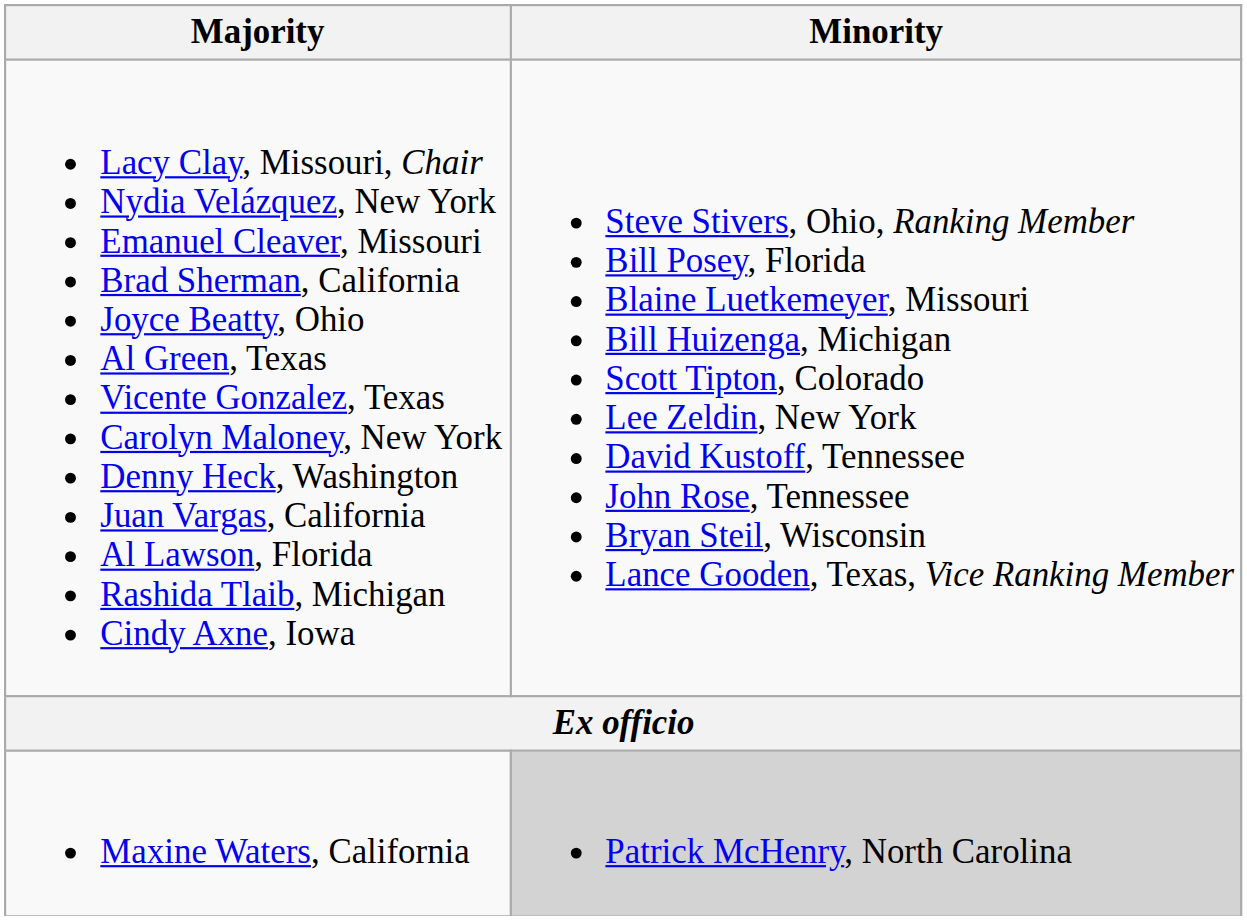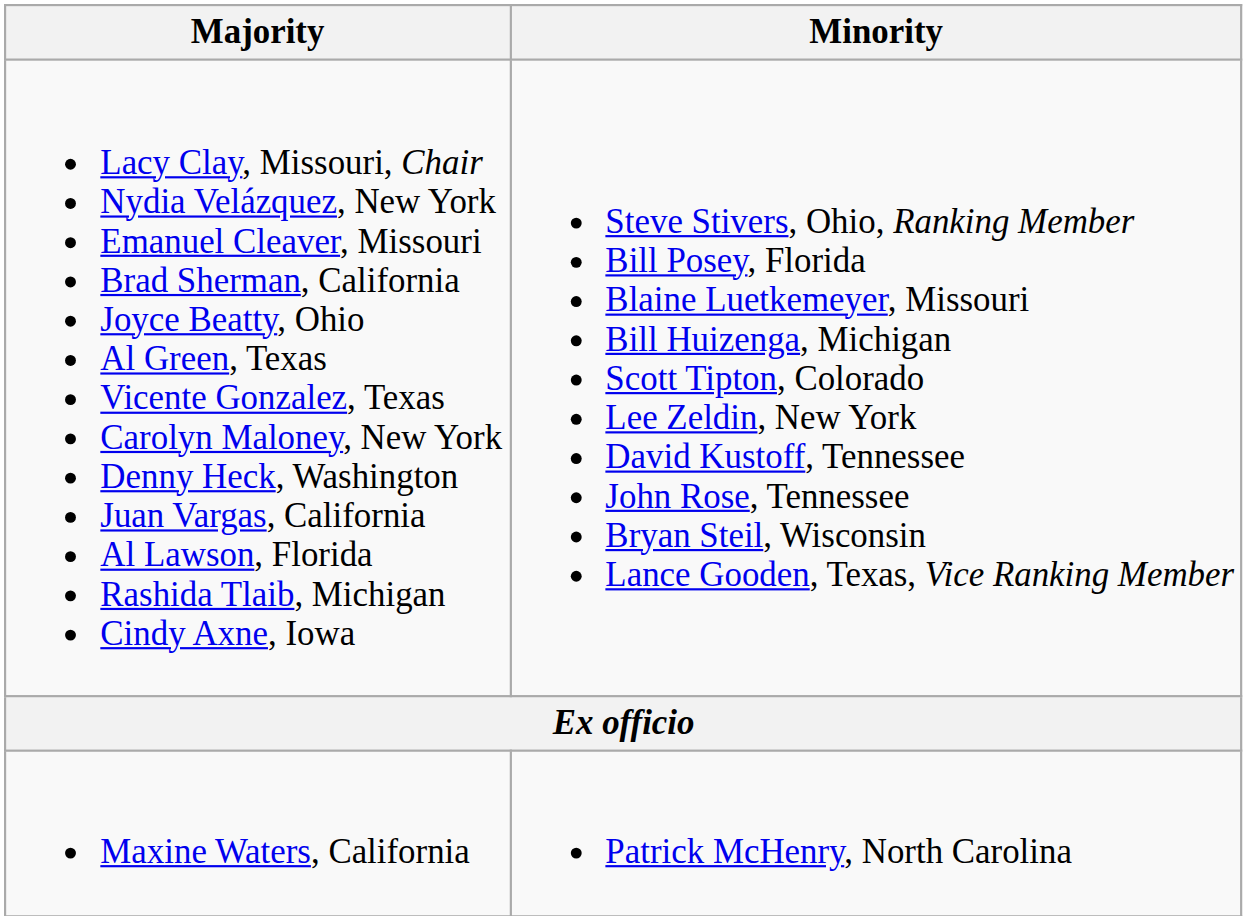 <table class=wikitable>
 <tr>
 <th>Majority</th>
 <th>Minority</th>
 </tr>
 <tr>
 <td><br><ul><li><a href='#'>Lacy Clay</a>, Missouri, <em>Chair</em></li><li><a href='#'>Nydia Velázquez</a>, New York</li><li><a href='#'>Emanuel Cleaver</a>, Missouri</li><li><a href='#'>Brad Sherman</a>, California</li><li><a href='#'>Joyce Beatty</a>, Ohio</li><li><a href='#'>Al Green</a>, Texas</li><li><a href='#'>Vicente Gonzalez</a>, Texas</li><li><a href='#'>Carolyn Maloney</a>, New York</li><li><a href='#'>Denny Heck</a>, Washington</li><li><a href='#'>Juan Vargas</a>, California</li><li><a href='#'>Al Lawson</a>, Florida</li><li><a href='#'>Rashida Tlaib</a>, Michigan</li><li><a href='#'>Cindy Axne</a>, Iowa</li></ul></td>
 <td><br><ul><li><a href='#'>Steve Stivers</a>, Ohio, <em>Ranking Member</em></li><li><a href='#'>Bill Posey</a>, Florida</li><li><a href='#'>Blaine Luetkemeyer</a>, Missouri</li><li><a href='#'>Bill Huizenga</a>, Michigan</li><li><a href='#'>Scott Tipton</a>, Colorado</li><li><a href='#'>Lee Zeldin</a>, New York</li><li><a href='#'>David Kustoff</a>, Tennessee</li><li><a href='#'>John Rose</a>, Tennessee</li><li><a href='#'>Bryan Steil</a>, Wisconsin</li><li><a href='#'>Lance Gooden</a>, Texas, <em>Vice Ranking Member</em></li></ul></td>
 </tr>
 <tr>
 <th colspan=2><em>Ex officio</em></th>
 </tr>
 <tr>
 <td><br><ul><li><a href='#'>Maxine Waters</a>, California</li></ul></td>
-<td style="background: lightgrey;"><br><ul><li><a href='#'>Patrick McHenry</a>, North Carolina</li></ul></td>
+<td><br><ul><li><a href='#'>Patrick McHenry</a>, North Carolina</li></ul></td>
 </tr>
 </table>
